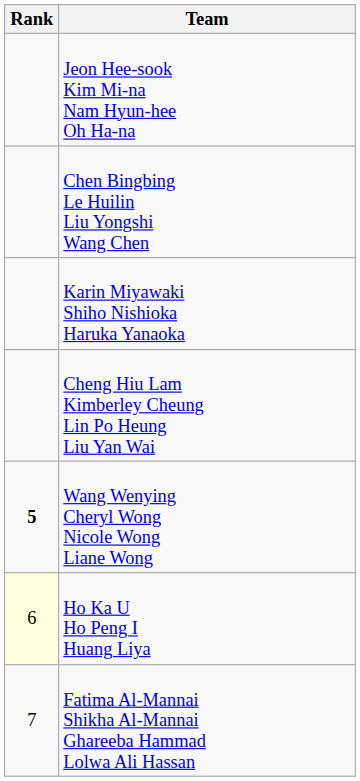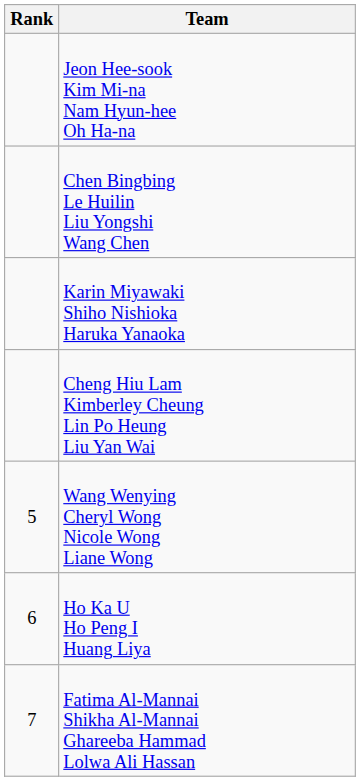 <table class="wikitable" style="text-align: center;">
 <tr>
 <th width=40>Rank</th>
 <th width=250>Team</th>
 </tr>
 <tr>
 <td></td>
 <td align=left><br><a href='#'>Jeon Hee-sook</a><br><a href='#'>Kim Mi-na</a><br><a href='#'>Nam Hyun-hee</a><br><a href='#'>Oh Ha-na</a></td>
 </tr>
 <tr>
 <td></td>
 <td align=left><br><a href='#'>Chen Bingbing</a><br><a href='#'>Le Huilin</a><br><a href='#'>Liu Yongshi</a><br><a href='#'>Wang Chen</a></td>
 </tr>
 <tr>
 <td></td>
 <td align=left><br><a href='#'>Karin Miyawaki</a><br><a href='#'>Shiho Nishioka</a><br><a href='#'>Haruka Yanaoka</a></td>
 </tr>
 <tr>
 <td></td>
 <td align=left><br><a href='#'>Cheng Hiu Lam</a><br><a href='#'>Kimberley Cheung</a><br><a href='#'>Lin Po Heung</a><br><a href='#'>Liu Yan Wai</a></td>
 </tr>
 <tr>
-<td><strong>5</strong></td>
+<td>5</td>
 <td align=left><br><a href='#'>Wang Wenying</a><br><a href='#'>Cheryl Wong</a><br><a href='#'>Nicole Wong</a><br><a href='#'>Liane Wong</a></td>
 </tr>
 <tr>
-<td style="background: lightyellow;">6</td>
+<td>6</td>
 <td align=left><br><a href='#'>Ho Ka U</a><br><a href='#'>Ho Peng I</a><br><a href='#'>Huang Liya</a></td>
 </tr>
 <tr>
 <td>7</td>
 <td align=left><br><a href='#'>Fatima Al-Mannai</a><br><a href='#'>Shikha Al-Mannai</a><br><a href='#'>Ghareeba Hammad</a><br><a href='#'>Lolwa Ali Hassan</a></td>
 </tr>
 </table>
